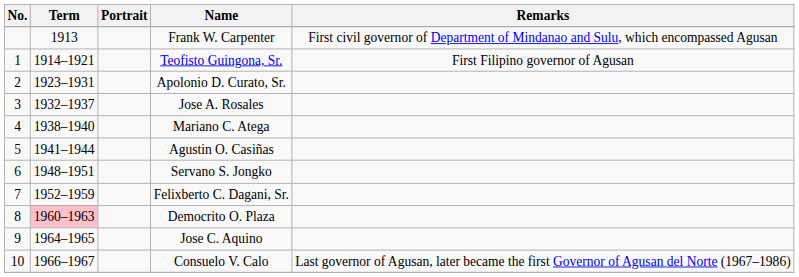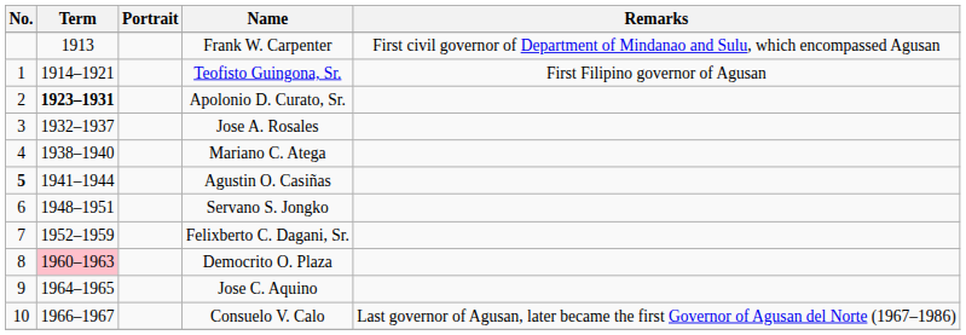 <table class="wikitable" style="vertical-align:top;text-align:center;font-size:95%;">
 <tr>
 <th>No.</th>
 <th>Term</th>
 <th>Portrait</th>
 <th>Name</th>
 <th>Remarks</th>
 </tr>
 <tr bgcolor="#ADD8E6">
 </tr>
 <tr>
 <td></td>
 <td>1913</td>
 <td></td>
 <td>Frank W. Carpenter</td>
 <td>First civil governor of <a href='#'>Department of Mindanao and Sulu</a>, which encompassed Agusan</td>
 </tr>
 <tr>
 <td>1</td>
 <td>1914–1921</td>
 <td></td>
 <td><a href='#'>Teofisto Guingona, Sr.</a></td>
 <td>First Filipino governor of Agusan</td>
 </tr>
 <tr>
 <td>2</td>
-<td>1923–1931</td>
+<td><strong>1923–1931</strong></td>
 <td></td>
 <td>Apolonio D. Curato, Sr.</td>
 <td></td>
 </tr>
 <tr>
 <td>3</td>
 <td>1932–1937</td>
 <td></td>
 <td>Jose A. Rosales</td>
 <td></td>
 </tr>
 <tr>
 <td>4</td>
 <td>1938–1940</td>
 <td></td>
 <td>Mariano C. Atega</td>
 <td></td>
 </tr>
 <tr>
-<td>5</td>
+<td><strong>5</strong></td>
 <td>1941–1944</td>
 <td></td>
 <td>Agustin O. Casiñas</td>
 <td></td>
 </tr>
 <tr>
 <td>6</td>
 <td>1948–1951</td>
 <td></td>
 <td>Servano S. Jongko</td>
 <td></td>
 </tr>
 <tr>
 <td>7</td>
 <td>1952–1959</td>
 <td></td>
 <td>Felixberto C. Dagani, Sr.</td>
 <td></td>
 </tr>
 <tr>
 <td>8</td>
 <td style="background: pink;">1960–1963</td>
 <td></td>
 <td>Democrito O. Plaza</td>
 <td></td>
 </tr>
 <tr>
 <td>9</td>
 <td>1964–1965</td>
 <td></td>
 <td>Jose C. Aquino</td>
 <td></td>
 </tr>
 <tr>
 <td>10</td>
 <td>1966–1967</td>
 <td></td>
 <td>Consuelo V. Calo</td>
 <td>Last governor of Agusan, later became the first <a href='#'>Governor of Agusan del Norte</a> (1967–1986)</td>
 </tr>
 <tr>
 </tr>
 </table>
